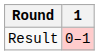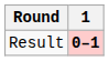 <table class="wikitable">
 <tr>
 <th>Round</th>
 <th>1</th>
 </tr>
 <tr>
 <td>Result</td>
-<td bgcolor="#FFCCCC">0–1</td>
+<td bgcolor="#FFCCCC"><strong>0–1</strong></td>
 </tr>
 </table>
